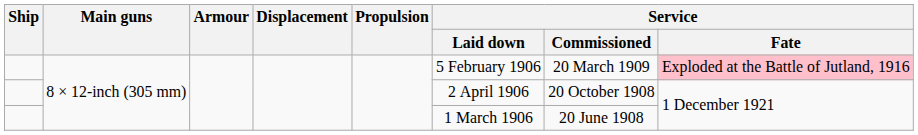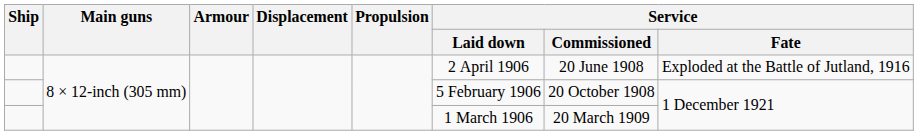 <table class="wikitable">
 <tr valign="top"|- valign="top">
 <th align= center rowspan=2>Ship</th>
 <th align= center rowspan=2>Main guns</th>
 <th align= center rowspan=2>Armour</th>
 <th align= center rowspan=2>Displacement</th>
 <th align= center rowspan=2>Propulsion</th>
 <th align= center colspan=3>Service</th>
 </tr>
 <tr valign="top">
 <th align= center>Laid down</th>
 <th align= center>Commissioned</th>
 <th align= center>Fate</th>
 </tr>
 <tr valign="center">
 <td align= left></td>
 <td align= center rowspan=3>8 × 12-inch (305 mm)</td>
 <td align= center rowspan=3></td>
 <td align= center rowspan=3></td>
 <td align= center rowspan=3><br></td>
-<td align= center>5 February 1906</td>
-<td align= center>20 March 1909</td>
-<td align= left style="background: pink;">Exploded at the Battle of Jutland, 1916</td>
+<td align= center>2 April 1906</td>
+<td align= center>20 June 1908</td>
+<td align= left>Exploded at the Battle of Jutland, 1916</td>
 </tr>
 <tr valign="center">
 <td align= left></td>
-<td align= center>2 April 1906</td>
+<td align= center>5 February 1906</td>
 <td align= center>20 October 1908</td>
 <td align= left rowspan=2> 1 December 1921</td>
 </tr>
 <tr valign="center">
 <td align= left></td>
 <td align= center>1 March 1906</td>
-<td align= center>20 June 1908</td>
+<td align= center>20 March 1909</td>
 </tr>
 </table>
